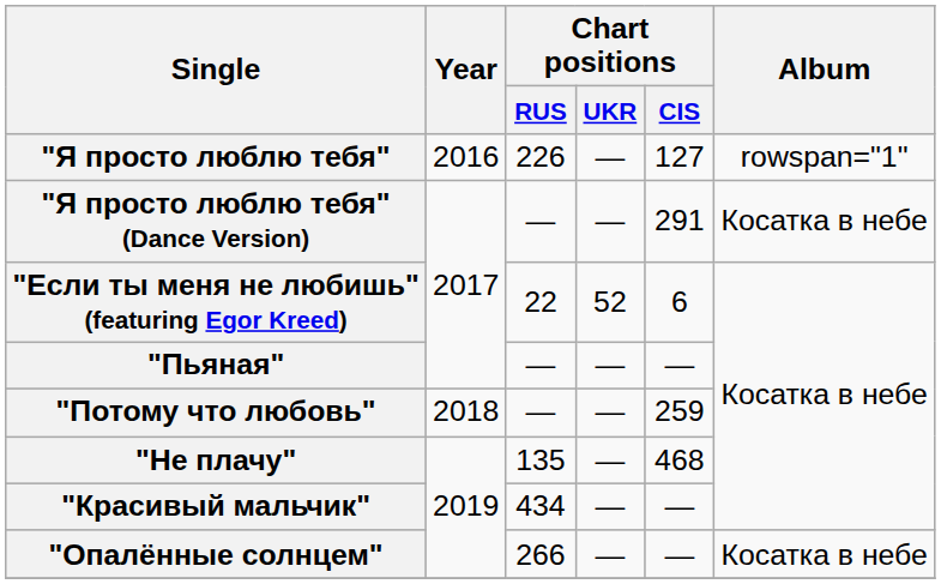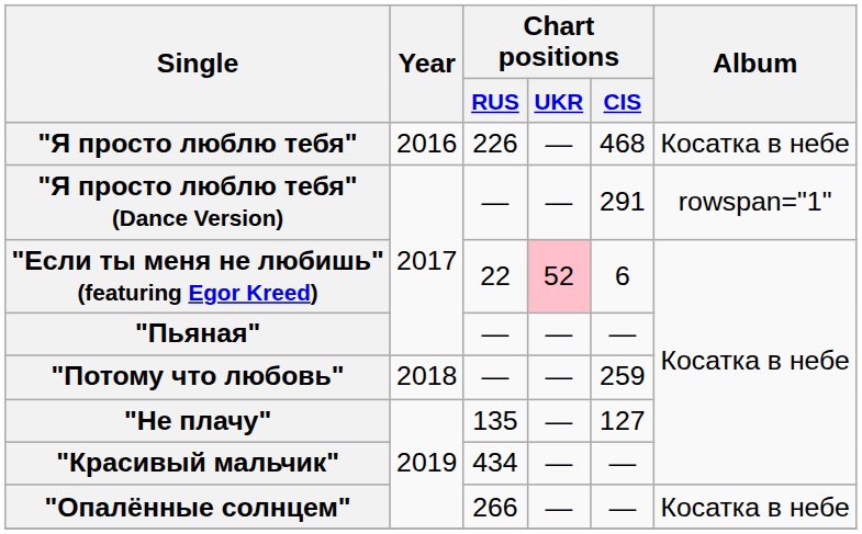 <table class="wikitable plainrowheaders" style="text-align: center;">
 <tr>
 <th rowspan="2">Single</th>
 <th rowspan="2">Year</th>
 <th colspan="3">Chart positions</th>
 <th rowspan="2">Album</th>
 </tr>
 <tr>
 <th style="width:30px;"><small> <a href='#'>RUS</a><br> </small></th>
 <th style="width:30px;"><small> <a href='#'>UKR</a></small></th>
 <th style="width:30px;"><small> <a href='#'>CIS</a></small></th>
 </tr>
 <tr>
 <th scope="row">"Я просто люблю тебя"</th>
 <td rowspan="1">2016</td>
 <td>226</td>
 <td>—</td>
-<td>127</td>
-<td>rowspan="1" </td>
+<td>468</td>
+<td rowspan="1">Косатка в небе</td>
 </tr>
 <tr>
 <th scope="row">"Я просто люблю тебя"<br><small>(Dance Version)</small></th>
 <td rowspan="3">2017</td>
 <td>—</td>
 <td>—</td>
 <td>291</td>
-<td rowspan="1">Косатка в небе</td>
+<td>rowspan="1" </td>
 </tr>
 <tr>
 <th scope="row">"Если ты меня не любишь"<br><small>(featuring <a href='#'>Egor Kreed</a>)</small></th>
 <td>22</td>
-<td>52</td>
+<td style="background: pink;">52</td>
 <td>6</td>
 <td rowspan="5">Косатка в небе</td>
 </tr>
 <tr>
 <th scope="row">"Пьяная"</th>
 <td>—</td>
 <td>—</td>
 <td>—</td>
 </tr>
 <tr>
 <th scope="row">"Потому что любовь"</th>
 <td>2018</td>
 <td>—</td>
 <td>—</td>
 <td>259</td>
 </tr>
 <tr>
 <th scope="row">"Не плачу"</th>
 <td rowspan="3">2019</td>
 <td>135</td>
 <td>—</td>
-<td>468</td>
+<td>127</td>
 </tr>
 <tr>
 <th scope="row">"Красивый мальчик"</th>
 <td>434</td>
 <td>—</td>
 <td>—</td>
 </tr>
 <tr>
 <th scope="row">"Опалённые солнцем"</th>
 <td>266</td>
 <td>—</td>
 <td>—</td>
 <td rowspan="1">Косатка в небе</td>
 </tr>
 <tr>
 </tr>
 </table>
